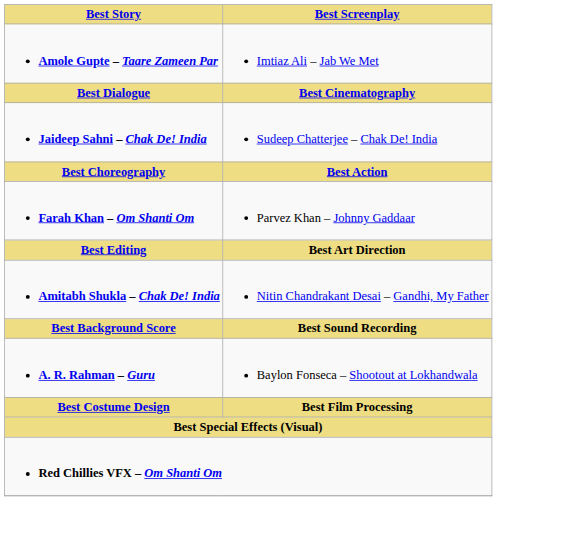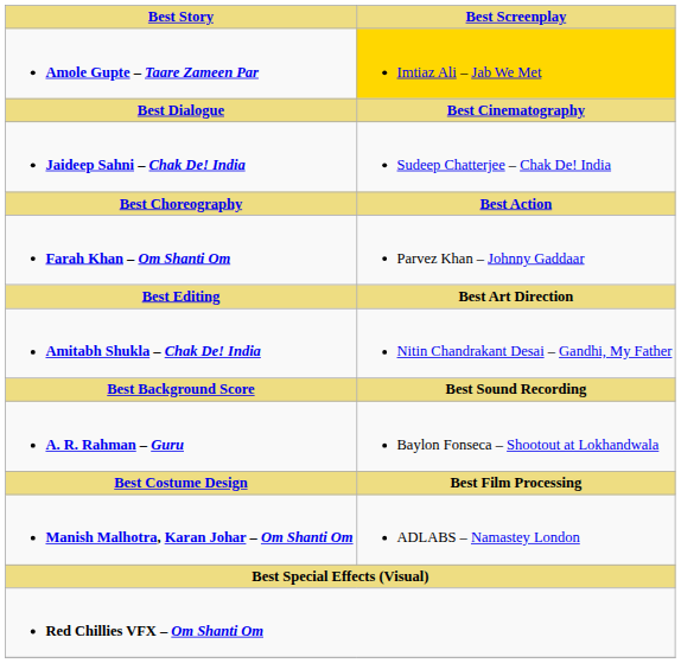 <table class="wikitable">
 <tr>
 <th ! style="background:#eedd82; text-align:center;"><a href='#'>Best Story</a></th>
 <th ! style="background:#eedd82; text-align:center;"><a href='#'>Best Screenplay</a></th>
 </tr>
 <tr>
 <td valign="top"><br><ul><li><strong><a href='#'>Amole Gupte</a> – <em><a href='#'>Taare Zameen Par</a><strong><em></li></ul></td>
-<td valign="top"><br><ul><li></strong><a href='#'>Imtiaz Ali</a> – </em><a href='#'>Jab We Met</a></em></strong></li></ul></td>
+<td valign="top" style="background: gold;"><br><ul><li></strong><a href='#'>Imtiaz Ali</a> – </em><a href='#'>Jab We Met</a></em></strong></li></ul></td>
 </tr>
 <tr>
 <th ! style="background:#eedd82; text-align:center;"><a href='#'>Best Dialogue</a></th>
 <th ! style="background:#eedd82; text-align:center;"><a href='#'>Best Cinematography</a></th>
 </tr>
 <tr>
 <td valign="top"><br><ul><li><strong><a href='#'>Jaideep Sahni</a> – <em><a href='#'>Chak De! India</a><strong><em></li></ul></td>
 <td valign="top"><br><ul><li></strong><a href='#'>Sudeep Chatterjee</a> – </em><a href='#'>Chak De! India</a></em></strong></li></ul></td>
 </tr>
 <tr>
 <th ! style="background:#eedd82; text-align:center;"><a href='#'>Best Choreography</a></th>
 <th ! style="background:#eedd82; text-align:center;"><a href='#'>Best Action</a></th>
 </tr>
 <tr>
 <td valign="top"><br><ul><li><strong><a href='#'>Farah Khan</a> – <em><a href='#'>Om Shanti Om</a><strong><em></li></ul></td>
 <td valign="top"><br><ul><li></strong>Parvez Khan – </em><a href='#'>Johnny Gaddaar</a></em></strong></li></ul></td>
 </tr>
 <tr>
 <th ! style="background:#eedd82; text-align:center;"><a href='#'>Best Editing</a></th>
 <th ! style="background:#eedd82; text-align:center;">Best Art Direction</th>
 </tr>
 <tr>
 <td valign="top"><br><ul><li><strong><a href='#'>Amitabh Shukla</a> – <em><a href='#'>Chak De! India</a><strong><em></li></ul></td>
 <td valign="top"><br><ul><li></strong><a href='#'>Nitin Chandrakant Desai</a> – </em><a href='#'>Gandhi, My Father</a></em></strong></li></ul></td>
 </tr>
 <tr>
 <th ! style="background:#eedd82; text-align:center;"><a href='#'>Best Background Score</a></th>
 <th ! style="background:#eedd82; text-align:center;">Best Sound Recording</th>
 </tr>
 <tr>
 <td valign="top"><br><ul><li><strong><a href='#'>A. R. Rahman</a> – <em><a href='#'>Guru</a><strong><em></li></ul></td>
 <td valign="top"><strong><br><ul><li></strong>Baylon Fonseca – </em><a href='#'>Shootout at Lokhandwala</a></em></strong></li></ul></strong></td>
 </tr>
 <tr>
 <th ! style="background:#eedd82; text-align:center;"><a href='#'>Best Costume Design</a></th>
 <th ! style="background:#eedd82; text-align:center;">Best Film Processing</th>
 </tr>
 <tr>
+<td valign="top"><br><ul><li><strong><a href='#'>Manish Malhotra</a>, <a href='#'>Karan Johar</a> – <em><a href='#'>Om Shanti Om</a><strong><em></li></ul></td>
+<td valign="top"><br><ul><li></strong>ADLABS – </em><a href='#'>Namastey London</a></em></strong></li></ul></td>
+</tr>
+<tr>
 <th ! style="background:#eedd82; text-align:center;" colspan="2">Best Special Effects (Visual)</th>
 </tr>
 <tr>
 <td valign="top" colspan="2"><br><ul><li><strong>Red Chillies VFX – <em><a href='#'>Om Shanti Om</a><strong><em></li></ul></td>
 </tr>
 <tr>
 </tr>
 </table>
